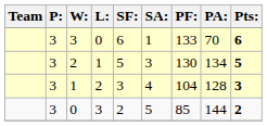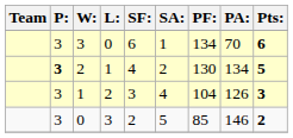 <table class="wikitable">
 <tr>
 <th>Team</th>
 <th>P:</th>
 <th>W:</th>
 <th>L:</th>
 <th>SF:</th>
 <th>SA:</th>
 <th>PF:</th>
 <th>PA:</th>
 <th>Pts:</th>
 </tr>
 <tr valign="top">
 </tr>
 <tr bgcolor="#ffffcc">
 <td></td>
 <td>3</td>
 <td>3</td>
 <td>0</td>
 <td>6</td>
 <td>1</td>
-<td>133</td>
+<td>134</td>
 <td>70</td>
 <td><strong>6</strong></td>
 </tr>
 <tr bgcolor="#ffffcc">
 <td></td>
-<td>3</td>
+<td><strong>3</strong></td>
 <td>2</td>
 <td>1</td>
-<td>5</td>
-<td>3</td>
+<td>4</td>
+<td>2</td>
 <td>130</td>
 <td>134</td>
 <td><strong>5</strong></td>
 </tr>
 <tr bgcolor="#ffffcc">
 <td></td>
 <td>3</td>
 <td>1</td>
 <td>2</td>
 <td>3</td>
 <td>4</td>
 <td>104</td>
-<td>128</td>
+<td>126</td>
 <td><strong>3</strong></td>
 </tr>
 <tr>
 <td></td>
 <td>3</td>
 <td>0</td>
 <td>3</td>
 <td>2</td>
 <td>5</td>
 <td>85</td>
-<td>144</td>
+<td>146</td>
 <td><strong>2</strong></td>
 </tr>
 <tr>
 </tr>
 </table>
